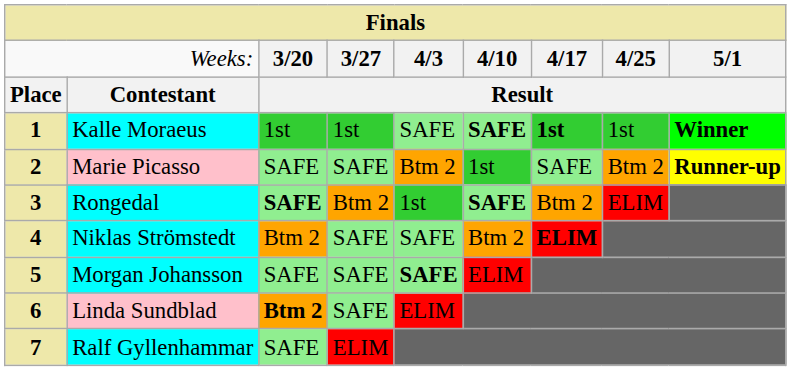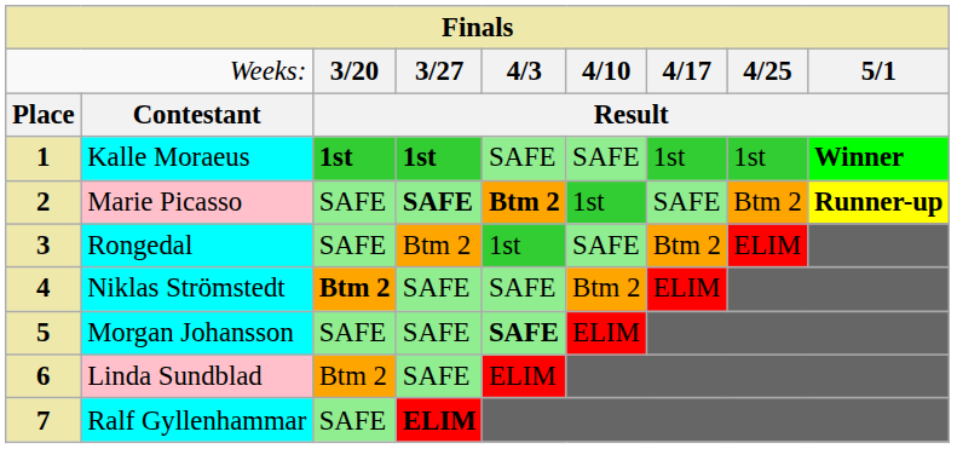 <table class="wikitable" align="center">
 <tr>
 <td colspan="10" bgcolor="palegoldenrod" align="Center"><strong>Finals</strong></td>
 </tr>
 <tr>
 <td colspan="2" align="right"><em>Weeks:</em></td>
 <th>3/20</th>
 <th>3/27</th>
 <th>4/3</th>
 <th>4/10</th>
 <th>4/17</th>
 <th>4/25</th>
 <th>5/1</th>
 </tr>
 <tr>
 <th>Place</th>
 <th>Contestant</th>
 <th colspan="15" align="center">Result</th>
 </tr>
 <tr>
 <td align="center" bgcolor="palegoldenrod"><strong>1</strong></td>
 <td bgcolor="cyan">Kalle Moraeus</td>
+<td style="background: limegreen"><strong>1st</strong></td>
+<td style="background: limegreen"><strong>1st</strong></td>
+<td style="background: lightgreen">SAFE</td>
+<td style="background: lightgreen">SAFE</td>
 <td style="background: limegreen">1st</td>
-<td style="background: limegreen">1st</td>
-<td style="background: lightgreen">SAFE</td>
-<td style="background: lightgreen"><strong>SAFE</strong></td>
-<td style="background: limegreen"><strong>1st</strong></td>
 <td style="background: limegreen">1st</td>
 <td style="background: Lime"><strong>Winner</strong></td>
 </tr>
 <tr>
 <td align="center" bgcolor="palegoldenrod"><strong>2</strong></td>
 <td bgcolor="Pink">Marie Picasso</td>
 <td style="background: lightgreen">SAFE</td>
-<td style="background: lightgreen">SAFE</td>
-<td style="background: orange">Btm 2</td>
+<td style="background: lightgreen"><strong>SAFE</strong></td>
+<td style="background: orange"><strong>Btm 2</strong></td>
 <td style="background: limegreen">1st</td>
 <td style="background: lightgreen">SAFE</td>
 <td style="background: orange">Btm 2</td>
 <td style="background: yellow"><strong>Runner-up</strong></td>
 </tr>
 <tr>
 <td align="center" bgcolor="palegoldenrod"><strong>3</strong></td>
 <td bgcolor="cyan">Rongedal</td>
-<td style="background: lightgreen"><strong>SAFE</strong></td>
+<td style="background: lightgreen">SAFE</td>
 <td style="background: orange">Btm 2</td>
 <td style="background: limegreen">1st</td>
-<td style="background: lightgreen"><strong>SAFE</strong></td>
+<td style="background: lightgreen">SAFE</td>
 <td style="background: orange">Btm 2</td>
 <td style="background: red"><span>ELIM</span></td>
 <td colspan="1" bgcolor="666666"></td>
 </tr>
 <tr>
 <td align="center" bgcolor="palegoldenrod"><strong>4</strong></td>
 <td bgcolor="cyan">Niklas Strömstedt</td>
-<td style="background: orange">Btm 2</td>
+<td style="background: orange"><strong>Btm 2</strong></td>
 <td style="background: lightgreen">SAFE</td>
 <td style="background: lightgreen">SAFE</td>
 <td style="background: orange">Btm 2</td>
-<td style="background: red"><strong><span>ELIM</span></strong></td>
+<td style="background: red"><span>ELIM</span></td>
 <td colspan="2" bgcolor="666666"></td>
 </tr>
 <tr>
 <td align="center" bgcolor="palegoldenrod"><strong>5</strong></td>
 <td bgcolor="cyan">Morgan Johansson</td>
 <td style="background: lightgreen">SAFE</td>
 <td style="background: lightgreen">SAFE</td>
 <td style="background: lightgreen"><strong>SAFE</strong></td>
 <td style="background: red"><span>ELIM</span></td>
 <td colspan="3" bgcolor="666666"></td>
 </tr>
 <tr>
 <td align="center" bgcolor="palegoldenrod"><strong>6</strong></td>
 <td bgcolor="pink">Linda Sundblad</td>
-<td style="background: orange"><strong>Btm 2</strong></td>
+<td style="background: orange">Btm 2</td>
 <td style="background: lightgreen">SAFE</td>
 <td style="background: red"><span>ELIM</span></td>
 <td colspan="4" bgcolor="666666"></td>
 </tr>
 <tr>
 <td align="center" bgcolor="palegoldenrod"><strong>7</strong></td>
 <td bgcolor="Cyan">Ralf Gyllenhammar</td>
 <td style="background: lightgreen">SAFE</td>
-<td style="background: red"><span>ELIM</span></td>
+<td style="background: red"><strong><span>ELIM</span></strong></td>
 <td colspan="5" bgcolor="666666"></td>
 </tr>
 </table>
